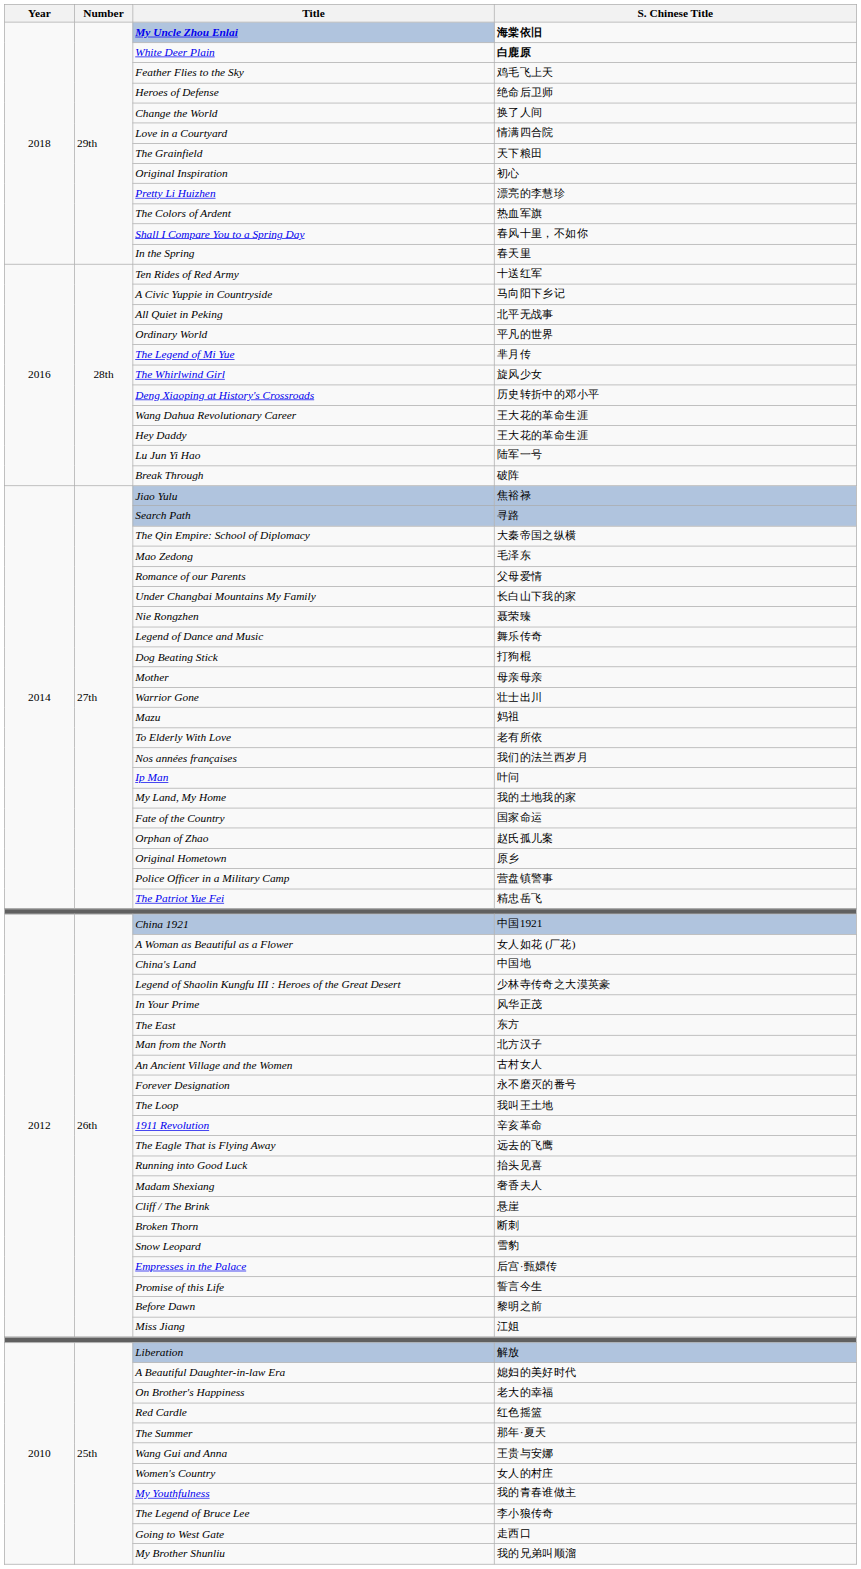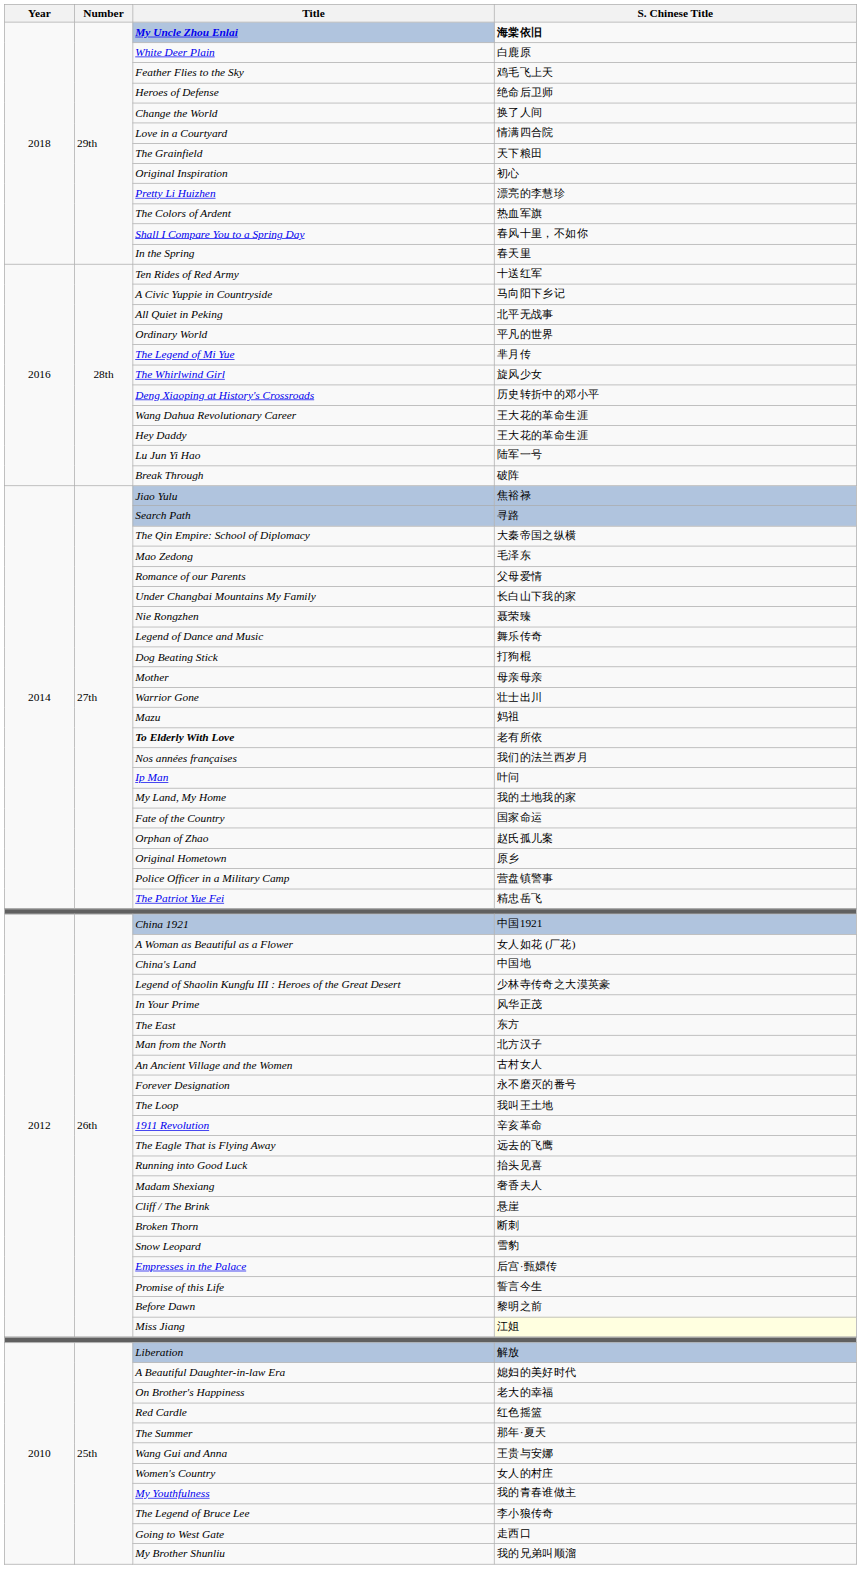 <table class="wikitable" width="95%">
 <tr>
 <th width="6%">Year</th>
 <th width="4%">Number</th>
 <th width="31%">Title</th>
 <th width="31%">S. Chinese Title</th>
 </tr>
 <tr>
 <td rowspan="12" style="text-align:center;">2018</td>
 <td rowspan="12">29th</td>
 <td style="background:#B0C4DE;"><strong><em><a href='#'>My Uncle Zhou Enlai</a></em></strong></td>
 <td><strong>海棠依旧</strong></td>
 </tr>
 <tr>
 <td><em><a href='#'>White Deer Plain</a></em></td>
-<td><strong>白鹿原</strong></td>
+<td>白鹿原</td>
 </tr>
 <tr>
 <td><em>Feather Flies to the Sky</em></td>
 <td>鸡毛飞上天</td>
 </tr>
 <tr>
 <td><em>Heroes of Defense</em></td>
 <td>绝命后卫师</td>
 </tr>
 <tr>
 <td><em>Change the World</em></td>
 <td>换了人间</td>
 </tr>
 <tr>
 <td><em>Love in a Courtyard</em></td>
 <td>情满四合院</td>
 </tr>
 <tr>
 <td><em>The Grainfield</em></td>
 <td>天下粮田</td>
 </tr>
 <tr>
 <td><em>Original Inspiration</em></td>
 <td>初心</td>
 </tr>
 <tr>
 <td><em><a href='#'>Pretty Li Huizhen</a></em></td>
 <td>漂亮的李慧珍</td>
 </tr>
 <tr>
 <td><em>The Colors of Ardent</em></td>
 <td>热血军旗</td>
 </tr>
 <tr>
 <td><em><a href='#'>Shall I Compare You to a Spring Day</a></em></td>
 <td>春风十里，不如你</td>
 </tr>
 <tr>
 <td><em>In the Spring</em></td>
 <td>春天里</td>
 </tr>
 <tr>
 <td rowspan="11" style="text-align:center;">2016</td>
 <td rowspan="11" style="text-align:center;">28th</td>
 <td><em>Ten Rides of Red Army</em></td>
 <td>十送红军</td>
 </tr>
 <tr>
 <td><em>A Civic Yuppie in Countryside</em></td>
 <td>马向阳下乡记</td>
 </tr>
 <tr>
 <td><em>All Quiet in Peking</em></td>
 <td>北平无战事</td>
 </tr>
 <tr>
 <td><em>Ordinary World</em></td>
 <td>平凡的世界</td>
 </tr>
 <tr>
 <td><em><a href='#'>The Legend of Mi Yue</a></em></td>
 <td>芈月传</td>
 </tr>
 <tr>
 <td><em><a href='#'>The Whirlwind Girl</a></em></td>
 <td>旋风少女</td>
 </tr>
 <tr>
 <td><em><a href='#'>Deng Xiaoping at History's Crossroads</a></em></td>
 <td>历史转折中的邓小平</td>
 </tr>
 <tr>
 <td><em>Wang Dahua Revolutionary Career</em></td>
 <td>王大花的革命生涯</td>
 </tr>
 <tr>
 <td><em>Hey Daddy</em></td>
 <td>王大花的革命生涯</td>
 </tr>
 <tr>
 <td><em>Lu Jun Yi Hao</em></td>
 <td>陆军一号</td>
 </tr>
 <tr>
 <td><em>Break Through</em></td>
 <td>破阵</td>
 </tr>
 <tr>
 <td rowspan="21" style="text-align:center;">2014</td>
 <td rowspan="21">27th</td>
 <td style="background:#B0C4DE;"><em>Jiao Yulu</em></td>
 <td style="background:#B0C4DE;">焦裕禄</td>
 </tr>
 <tr>
 <td style="background:#B0C4DE;"><em>Search Path</em></td>
 <td style="background:#B0C4DE;">寻路</td>
 </tr>
 <tr>
 <td><em>The Qin Empire: School of Diplomacy</em></td>
 <td>大秦帝国之纵横</td>
 </tr>
 <tr>
 <td><em>Mao Zedong</em></td>
 <td>毛泽东</td>
 </tr>
 <tr>
 <td><em>Romance of our Parents</em></td>
 <td>父母爱情</td>
 </tr>
 <tr>
 <td><em>Under Changbai Mountains My Family</em></td>
 <td>长白山下我的家</td>
 </tr>
 <tr>
 <td><em>Nie Rongzhen</em></td>
 <td>聂荣臻</td>
 </tr>
 <tr>
 <td><em>Legend of Dance and Music</em></td>
 <td>舞乐传奇</td>
 </tr>
 <tr>
 <td><em>Dog Beating Stick</em></td>
 <td>打狗棍</td>
 </tr>
 <tr>
 <td><em>Mother</em></td>
 <td>母亲母亲</td>
 </tr>
 <tr>
 <td><em>Warrior Gone</em></td>
 <td>壮士出川</td>
 </tr>
 <tr>
 <td><em>Mazu</em></td>
 <td>妈祖</td>
 </tr>
 <tr>
-<td><em>To Elderly With Love</em></td>
+<td><strong><em>To Elderly With Love</em></strong></td>
 <td>老有所依</td>
 </tr>
 <tr>
 <td><em>Nos années françaises</em></td>
 <td>我们的法兰西岁月</td>
 </tr>
 <tr>
 <td><em><a href='#'>Ip Man</a></em></td>
 <td>叶问</td>
 </tr>
 <tr>
 <td><em>My Land, My Home</em></td>
 <td>我的土地我的家</td>
 </tr>
 <tr>
 <td><em>Fate of the Country</em></td>
 <td>国家命运</td>
 </tr>
 <tr>
 <td><em>Orphan of Zhao</em></td>
 <td>赵氏孤儿案</td>
 </tr>
 <tr>
 <td><em>Original Hometown</em></td>
 <td>原乡</td>
 </tr>
 <tr>
 <td><em>Police Officer in a Military Camp</em></td>
 <td>营盘镇警事</td>
 </tr>
 <tr>
 <td><em><a href='#'>The Patriot Yue Fei</a></em></td>
 <td>精忠岳飞</td>
 </tr>
 <tr>
 </tr>
 <tr style = "background:#606060; height: 2pt">
 <td colspan = "4"></td>
 </tr>
 <tr>
 <td rowspan="21" style="text-align:center;">2012</td>
 <td rowspan="21">26th</td>
 <td style="background:#B0C4DE;"><em>China 1921</em></td>
 <td style="background:#B0C4DE;">中国1921</td>
 </tr>
 <tr>
 <td><em>A Woman as Beautiful as a Flower</em></td>
 <td>女人如花 (厂花)</td>
 </tr>
 <tr>
 <td><em>China's Land</em></td>
 <td>中国地</td>
 </tr>
 <tr>
 <td><em>Legend of Shaolin Kungfu III : Heroes of the Great Desert</em></td>
 <td>少林寺传奇之大漠英豪</td>
 </tr>
 <tr>
 <td><em>In Your Prime</em></td>
 <td>风华正茂</td>
 </tr>
 <tr>
 <td><em>The East</em></td>
 <td>东方</td>
 </tr>
 <tr>
 <td><em>Man from the North</em></td>
 <td>北方汉子</td>
 </tr>
 <tr>
 <td><em>An Ancient Village and the Women</em></td>
 <td>古村女人</td>
 </tr>
 <tr>
 <td><em>Forever Designation</em></td>
 <td>永不磨灭的番号</td>
 </tr>
 <tr>
 <td><em>The Loop</em></td>
 <td>我叫王土地</td>
 </tr>
 <tr>
 <td><em><a href='#'>1911 Revolution</a></em></td>
 <td>辛亥革命</td>
 </tr>
 <tr>
 <td><em>The Eagle That is Flying Away</em></td>
 <td>远去的飞鹰</td>
 </tr>
 <tr>
 <td><em>Running into Good Luck</em></td>
 <td>抬头见喜</td>
 </tr>
 <tr>
 <td><em>Madam Shexiang</em></td>
 <td>奢香夫人</td>
 </tr>
 <tr>
 <td><em>Cliff / The Brink</em></td>
 <td>悬崖</td>
 </tr>
 <tr>
 <td><em>Broken Thorn</em></td>
 <td>断刺</td>
 </tr>
 <tr>
 <td><em>Snow Leopard</em></td>
 <td>雪豹</td>
 </tr>
 <tr>
 <td><em><a href='#'>Empresses in the Palace</a></em></td>
 <td>后宫·甄嬛传</td>
 </tr>
 <tr>
 <td><em>Promise of this Life</em></td>
 <td>誓言今生</td>
 </tr>
 <tr>
 <td><em>Before Dawn</em></td>
 <td>黎明之前</td>
 </tr>
 <tr>
 <td><em>Miss Jiang</em></td>
-<td>江姐</td>
+<td style="background: lightyellow;">江姐</td>
 </tr>
 <tr>
 </tr>
 <tr style = "background:#606060; height: 2pt">
 <td colspan = "4"></td>
 </tr>
 <tr>
 <td rowspan="11" style="text-align:center;">2010</td>
 <td rowspan="11">25th</td>
 <td style="background:#B0C4DE;"><em>Liberation</em></td>
 <td style="background:#B0C4DE;">解放</td>
 </tr>
 <tr>
 <td><em>A Beautiful Daughter-in-law Era</em></td>
 <td>媳妇的美好时代</td>
 </tr>
 <tr>
 <td><em>On Brother's Happiness</em></td>
 <td>老大的幸福</td>
 </tr>
 <tr>
 <td><em>Red Cardle</em></td>
 <td>红色摇篮</td>
 </tr>
 <tr>
 <td><em>The Summer</em></td>
 <td>那年·夏天</td>
 </tr>
 <tr>
 <td><em>Wang Gui and Anna</em></td>
 <td>王贵与安娜</td>
 </tr>
 <tr>
 <td><em>Women's Country</em></td>
 <td>女人的村庄</td>
 </tr>
 <tr>
 <td><em><a href='#'>My Youthfulness</a></em></td>
 <td>我的青春谁做主</td>
 </tr>
 <tr>
 <td><em>The Legend of Bruce Lee</em></td>
 <td>李小狼传奇</td>
 </tr>
 <tr>
 <td><em>Going to West Gate</em></td>
 <td>走西口</td>
 </tr>
 <tr>
 <td><em>My Brother Shunliu</em></td>
 <td>我的兄弟叫顺溜</td>
 </tr>
 </table>
